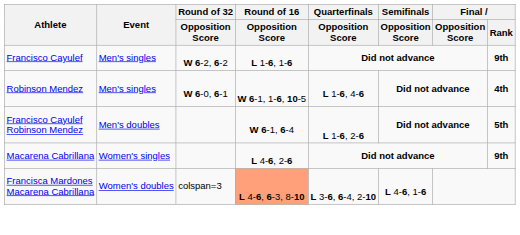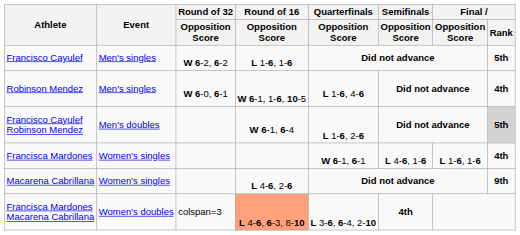 <table class="wikitable" border="1" style="font-size:90%">
 <tr>
 <th rowspan=2>Athlete</th>
 <th rowspan=2>Event</th>
 <th>Round of 32</th>
 <th>Round of 16</th>
 <th>Quarterfinals</th>
 <th>Semifinals</th>
 <th colspan=2>Final / </th>
 </tr>
 <tr>
 <th>Opposition<br>Score</th>
 <th>Opposition<br>Score</th>
 <th>Opposition<br>Score</th>
 <th>Opposition<br>Score</th>
 <th>Opposition<br>Score</th>
 <th>Rank</th>
 </tr>
 <tr>
 <td><a href='#'>Francisco Cayulef</a></td>
 <td><a href='#'>Men's singles</a></td>
 <td align=center><br><strong>W</strong> <strong>6</strong>-2, <strong>6</strong>-2</td>
 <td align=center><br><strong>L</strong> 1-<strong>6</strong>, 1-<strong>6</strong></td>
 <td align=center colspan=3><strong>Did not advance</strong></td>
-<td align=center><strong>9th</strong></td>
+<td align=center><strong>5th</strong></td>
 </tr>
 <tr>
 <td><a href='#'>Robinson Mendez</a></td>
 <td><a href='#'>Men's singles</a></td>
 <td align=center><br><strong>W</strong> <strong>6</strong>-0, <strong>6</strong>-1</td>
 <td align=center><br> <br><strong>W</strong> <strong>6</strong>-1, 1-<strong>6</strong>, <strong>10</strong>-5</td>
 <td align=center><br><strong>L</strong> 1-<strong>6</strong>, 4-<strong>6</strong></td>
 <td align=center colspan=2><strong>Did not advance</strong></td>
 <td align=center><strong>4th</strong></td>
 </tr>
 <tr>
 <td><a href='#'>Francisco Cayulef</a><br><a href='#'>Robinson Mendez</a></td>
 <td><a href='#'>Men's doubles</a></td>
 <td></td>
 <td align=center><br><strong>W</strong> <strong>6</strong>-1, <strong>6</strong>-4</td>
 <td align=center><br> <br><strong>L</strong> 1-<strong>6</strong>, 2-<strong>6</strong></td>
 <td align=center colspan=2><strong>Did not advance</strong></td>
-<td align=center><strong>5th</strong></td>
+<td align=center style="background: lightgrey;"><strong>5th</strong></td>
+</tr>
+<tr>
+<td><a href='#'>Francisca Mardones</a></td>
+<td><a href='#'>Women's singles</a></td>
+<td></td>
+<td></td>
+<td align=center><br><strong>W</strong> <strong>6</strong>-1, <strong>6</strong>-1</td>
+<td align=center><br><strong>L</strong> 4-<strong>6</strong>, 1-<strong>6</strong></td>
+<td align=center><br><strong>L</strong> 1-<strong>6</strong>, 1-<strong>6</strong></td>
+<td align=center><strong>4th</strong></td>
 </tr>
 <tr>
 <td><a href='#'>Macarena Cabrillana</a></td>
 <td><a href='#'>Women's singles</a></td>
 <td></td>
 <td align=center><br><strong>L</strong> 4-<strong>6</strong>, 2-<strong>6</strong></td>
 <td align=center colspan=3><strong>Did not advance</strong></td>
 <td align=center><strong>9th</strong></td>
 </tr>
 <tr>
 <td><a href='#'>Francisca Mardones</a><br><a href='#'>Macarena Cabrillana</a></td>
 <td><a href='#'>Women's doubles</a></td>
 <td>colspan=3 </td>
 <td align=center style="background: lightsalmon;"><br> <br> <strong>L</strong> 4-<strong>6</strong>, <strong>6</strong>-3, 8-<strong>10</strong></td>
 <td align=center><br> <br> <strong>L</strong> 3-<strong>6</strong>, <strong>6</strong>-4, 2-<strong>10</strong></td>
-<td align=center><br><strong>L</strong> 4-<strong>6</strong>, 1-<strong>6</strong></td>
+<td align=center><strong>4th</strong></td>
 </tr>
 </table>
